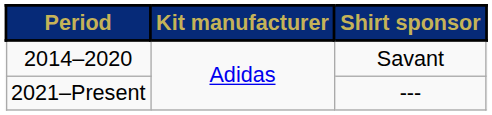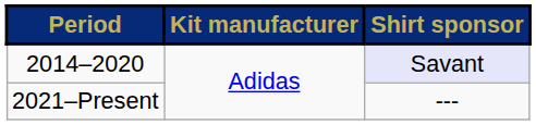 <table class="wikitable" style="text-align:center;margin-left:1em;float:center">
 <tr>
 <th style="background:#062A78; color:#C5B358; border:2px solid #000000;">Period</th>
 <th style="background:#062A78; color:#C5B358; border:2px solid #000000;">Kit manufacturer</th>
 <th style="background:#062A78; color:#C5B358; border:2px solid #000000;">Shirt sponsor</th>
 </tr>
 <tr>
 <td>2014–2020</td>
 <td rowspan="2"><a href='#'>Adidas</a></td>
-<td>Savant</td>
+<td style="background: lavender;">Savant</td>
 </tr>
 <tr>
 <td>2021–Present</td>
 <td>---</td>
 </tr>
 </table>
